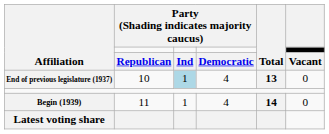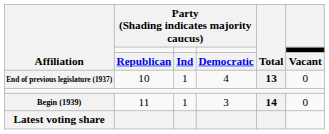 <table class=wikitable style="text-align:center; width:50%">
 <tr style="vertical-align:bottom;">
 <th rowspan=3>Affiliation</th>
 <th colspan=3>Party <div>(Shading indicates majority caucus)</div></th>
 <th rowspan=3>Total</th>
 <th></th>
 </tr>
 <tr style="height:5px">
 <td style="background-color:"></td>
 <td style="background-color:"></td>
 <td style="background-color:"></td>
 <td style="background-color:black"></td>
 </tr>
 <tr>
 <th><a href='#'>Republican</a></th>
 <th><a href='#'>Ind</a></th>
 <th><a href='#'>Democratic</a></th>
 <th>Vacant</th>
 </tr>
 <tr>
 <th nowrap style="font-size:66%">End of previous legislature (1937)</th>
 <td>10</td>
-<td style="background: lightblue;">1</td>
+<td>1</td>
 <td>4</td>
 <th>13</th>
 <td>0</td>
 </tr>
 <tr>
 <td colspan=6></td>
 </tr>
 <tr>
 <th nowrap style="font-size:74%">Begin (1939)</th>
 <td>11</td>
 <td>1</td>
-<td>4</td>
+<td>3</td>
 <th>14</th>
 <td>0</td>
 </tr>
 <tr>
 <th>Latest voting share</th>
 <th colspan=1 ></th>
 <th></th>
 <th></th>
 <th colspan=1></th>
 </tr>
 </table>
